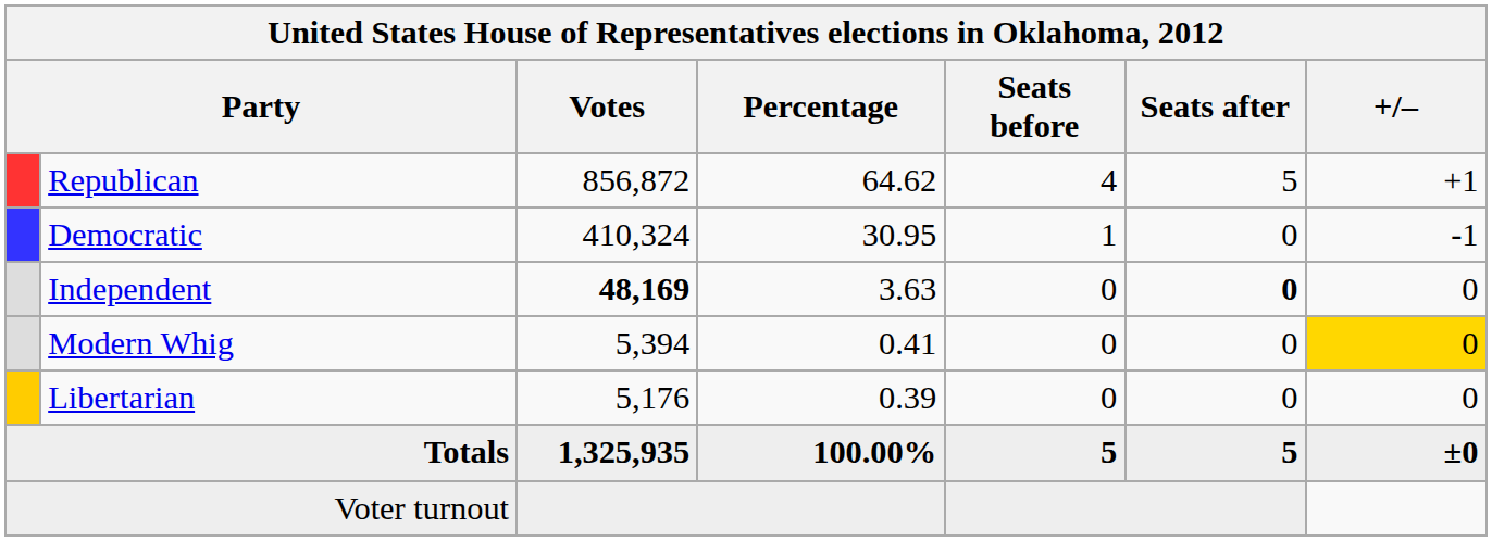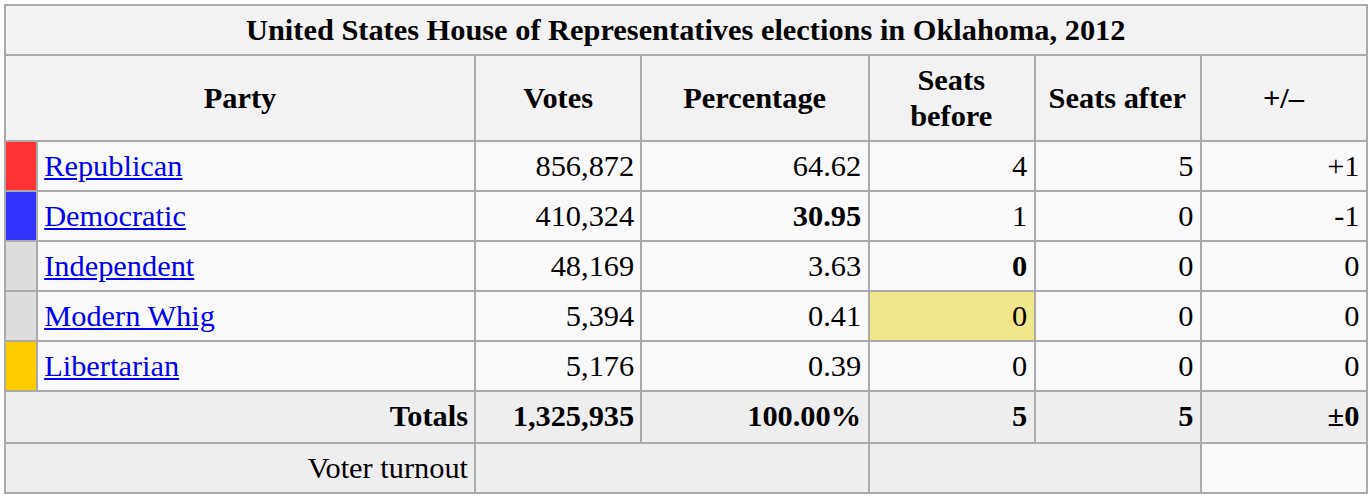 <table class="wikitable" style="font-size: 95%;">
 <tr>
 <th colspan="7">United States House of Representatives elections in Oklahoma, 2012</th>
 </tr>
 <tr>
 <th colspan=2 style="width: 15em">Party</th>
 <th style="width: 5em">Votes</th>
 <th style="width: 7em">Percentage</th>
 <th style="width: 5em">Seats before</th>
 <th style="width: 5em">Seats after</th>
 <th style="width: 5em">+/–</th>
 </tr>
 <tr>
 <th style="background-color:#FF3333; width: 3px"></th>
 <td style="width: 130px"><a href='#'>Republican</a></td>
 <td align="right">856,872</td>
 <td align="right">64.62</td>
 <td align="right">4</td>
 <td align="right">5</td>
 <td align="right">+1</td>
 </tr>
 <tr>
 <th style="background-color:#3333FF; width: 3px"></th>
 <td style="width: 130px"><a href='#'>Democratic</a></td>
 <td align="right">410,324</td>
-<td align="right">30.95</td>
+<td align="right"><strong>30.95</strong></td>
 <td align="right">1</td>
 <td align="right">0</td>
 <td align="right">-1</td>
 </tr>
 <tr>
 <th style="background-color:#DDDDDD; width: 3px"></th>
 <td style="width: 130px"><a href='#'>Independent</a></td>
-<td align="right"><strong>48,169</strong></td>
+<td align="right">48,169</td>
 <td align="right">3.63</td>
+<td align="right"><strong>0</strong></td>
 <td align="right">0</td>
-<td align="right"><strong>0</strong></td>
 <td align="right">0</td>
 </tr>
 <tr>
 <th style="background-color:#DDDDDD; width: 3px"></th>
 <td style="width: 130px"><a href='#'>Modern Whig</a></td>
 <td align="right">5,394</td>
 <td align="right">0.41</td>
+<td align="right" style="background: khaki;">0</td>
 <td align="right">0</td>
 <td align="right">0</td>
-<td align="right" style="background: gold;">0</td>
 </tr>
 <tr>
 <th style="background-color:#FFCC00; width: 3px"></th>
 <td style="width: 130px"><a href='#'>Libertarian</a></td>
 <td align="right">5,176</td>
 <td align="right">0.39</td>
 <td align="right">0</td>
 <td align="right">0</td>
 <td align="right">0</td>
 </tr>
 <tr bgcolor="#EEEEEE">
 <td colspan="2" align="right"><strong>Totals</strong></td>
 <td align="right"><strong>1,325,935</strong></td>
 <td align="right"><strong>100.00%</strong></td>
 <td align="right"><strong>5</strong></td>
 <td align="right"><strong>5</strong></td>
 <td align="right"><strong>±0</strong></td>
 </tr>
 <tr bgcolor="#EEEEEE">
 <td colspan="2" align="right">Voter turnout</td>
 <td colspan="2" align="right"></td>
 <td colspan="2" align="right"></td>
 </tr>
 </table>
